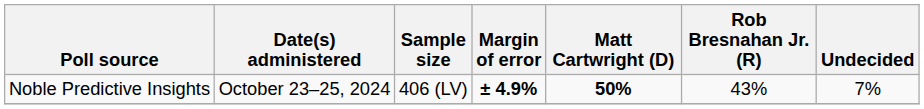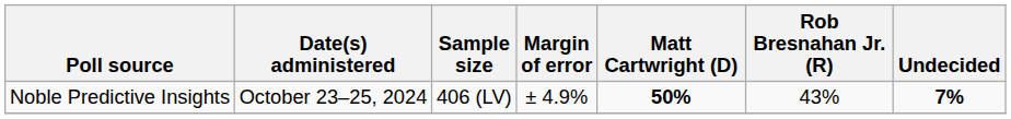 <table class="wikitable" style="font-size:90%;text-align:center;">
 <tr valign=bottom>
 <th>Poll source</th>
 <th>Date(s)<br>administered</th>
 <th>Sample<br>size</th>
 <th>Margin<br>of error</th>
 <th style="width:100px;">Matt<br>Cartwright (D)</th>
 <th style="width:100px;">Rob<br>Bresnahan Jr. (R)</th>
 <th>Undecided</th>
 </tr>
 <tr>
 <td style="text-align:left;">Noble Predictive Insights</td>
 <td>October 23–25, 2024</td>
 <td>406 (LV)</td>
-<td><strong>± 4.9%</strong></td>
+<td>± 4.9%</td>
 <td><strong>50%</strong></td>
 <td>43%</td>
-<td>7%</td>
+<td><strong>7%</strong></td>
 </tr>
 <tr>
 </tr>
 </table>
